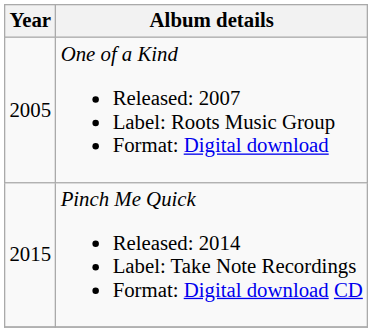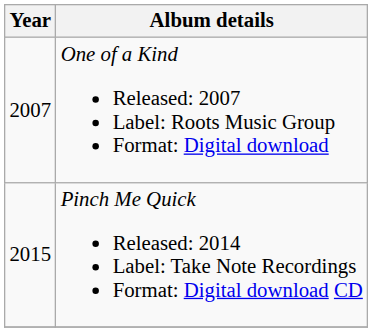 <table class="wikitable">
 <tr>
 <th>Year</th>
 <th>Album details</th>
 </tr>
 <tr>
-<td>2005</td>
+<td>2007</td>
 <td><em>One of a Kind</em><br><ul><li>Released: 2007</li><li>Label: Roots Music Group</li><li>Format: <a href='#'>Digital download</a></li></ul></td>
 </tr>
 <tr>
 <td>2015</td>
 <td><em>Pinch Me Quick</em><br><ul><li>Released: 2014</li><li>Label: Take Note Recordings</li><li>Format: <a href='#'>Digital download</a> <a href='#'>CD</a></li></ul></td>
 </tr>
 <tr>
 </tr>
 </table>
